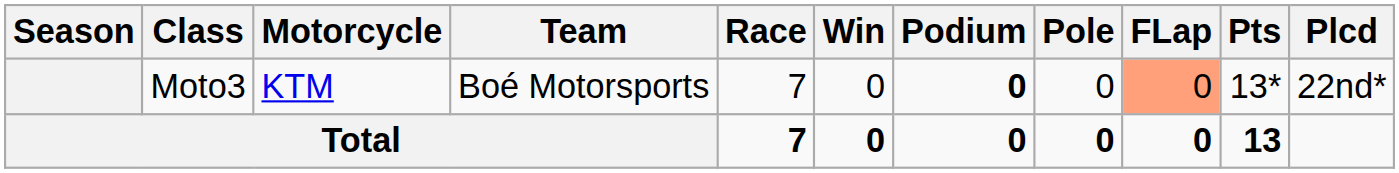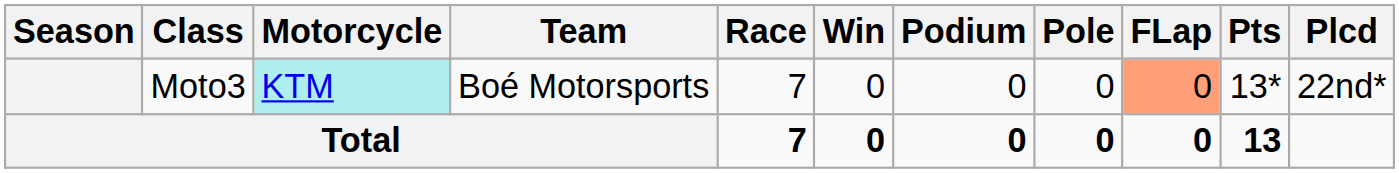 <table class="wikitable" style="text-align:right;">
 <tr>
 <th>Season</th>
 <th>Class</th>
 <th>Motorcycle</th>
 <th>Team</th>
 <th>Race</th>
 <th>Win</th>
 <th>Podium</th>
 <th>Pole</th>
 <th>FLap</th>
 <th>Pts</th>
 <th>Plcd</th>
 </tr>
 <tr>
 <th></th>
 <td>Moto3</td>
-<td style="text-align:left;"><a href='#'>KTM</a></td>
+<td style="background: paleturquoise; text-align:left;"><a href='#'>KTM</a></td>
 <td style="text-align:left;">Boé Motorsports</td>
 <td>7</td>
 <td>0</td>
-<td><strong>0</strong></td>
+<td>0</td>
 <td>0</td>
 <td style="background: lightsalmon;">0</td>
 <td>13*</td>
 <td>22nd*</td>
 </tr>
 <tr>
 <th colspan="4">Total</th>
 <td><strong>7</strong></td>
 <td><strong>0</strong></td>
 <td><strong>0</strong></td>
 <td><strong>0</strong></td>
 <td><strong>0</strong></td>
 <td><strong>13</strong></td>
 <td></td>
 </tr>
 </table>
